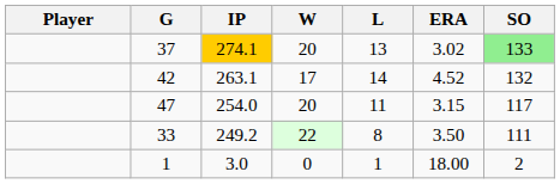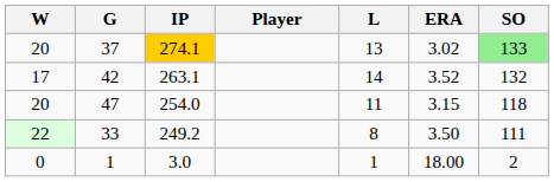 <table class="wikitable sortable">
 <tr>
-<th bgcolor="#DDDDFF" width="16%">Player</th>
+<th bgcolor="#DDDDFF" width="9%">W</th>
 <th bgcolor="#DDDDFF" width="9%">G</th>
 <th bgcolor="#DDDDFF" width="9%">IP</th>
-<th bgcolor="#DDDDFF" width="9%">W</th>
+<th bgcolor="#DDDDFF" width="16%">Player</th>
 <th bgcolor="#DDDDFF" width="9%">L</th>
 <th bgcolor="#DDDDFF" width="9%">ERA</th>
 <th bgcolor="#DDDDFF" width="9%">SO</th>
 </tr>
 <tr align="center">
-<td></td>
+<td>20</td>
 <td>37</td>
 <td style="background:#fc0;">274.1</td>
-<td>20</td>
+<td></td>
 <td>13</td>
 <td>3.02</td>
 <td style="background: lightgreen;">133</td>
 </tr>
 <tr align="center">
-<td></td>
+<td>17</td>
 <td>42</td>
 <td>263.1</td>
-<td>17</td>
+<td></td>
 <td>14</td>
-<td>4.52</td>
+<td>3.52</td>
 <td>132</td>
 </tr>
 <tr align="center">
-<td></td>
+<td>20</td>
 <td>47</td>
 <td>254.0</td>
-<td>20</td>
+<td></td>
 <td>11</td>
 <td>3.15</td>
-<td>117</td>
+<td>118</td>
 </tr>
 <tr align="center">
-<td></td>
+<td style="background:#DDFFDD;">22</td>
 <td>33</td>
 <td>249.2</td>
-<td style="background:#DDFFDD;">22</td>
+<td></td>
 <td>8</td>
 <td>3.50</td>
 <td>111</td>
 </tr>
 <tr align="center">
-<td></td>
+<td>0</td>
 <td>1</td>
 <td>3.0</td>
-<td>0</td>
+<td></td>
 <td>1</td>
 <td>18.00</td>
 <td>2</td>
 </tr>
 </table>
